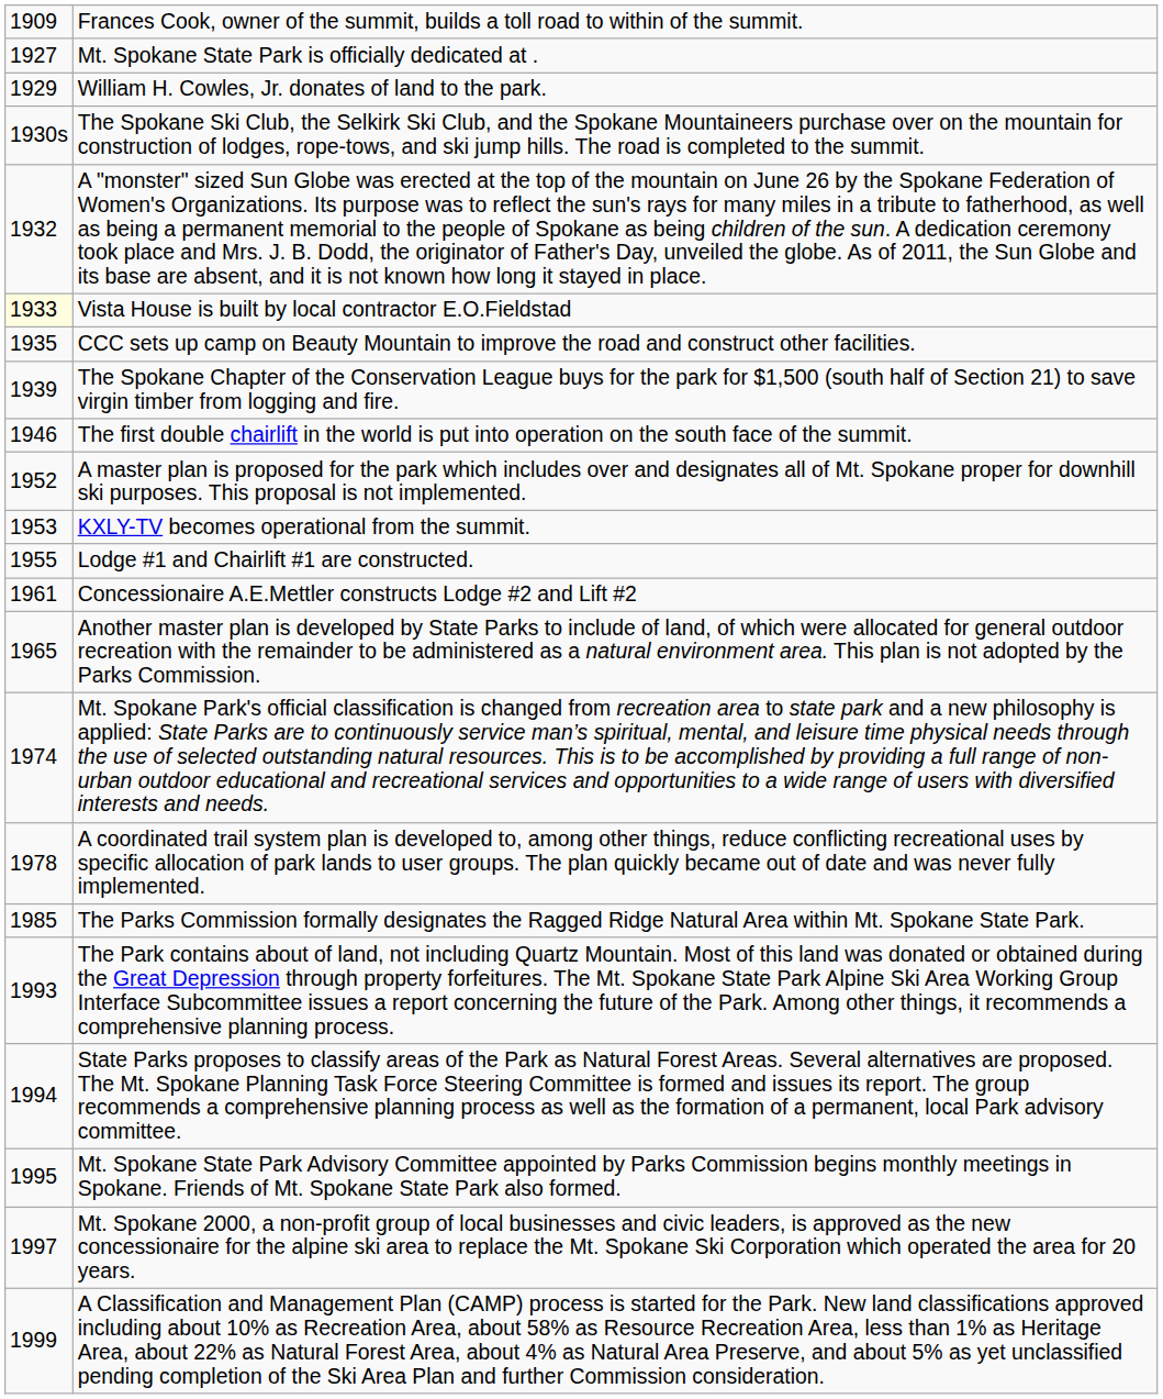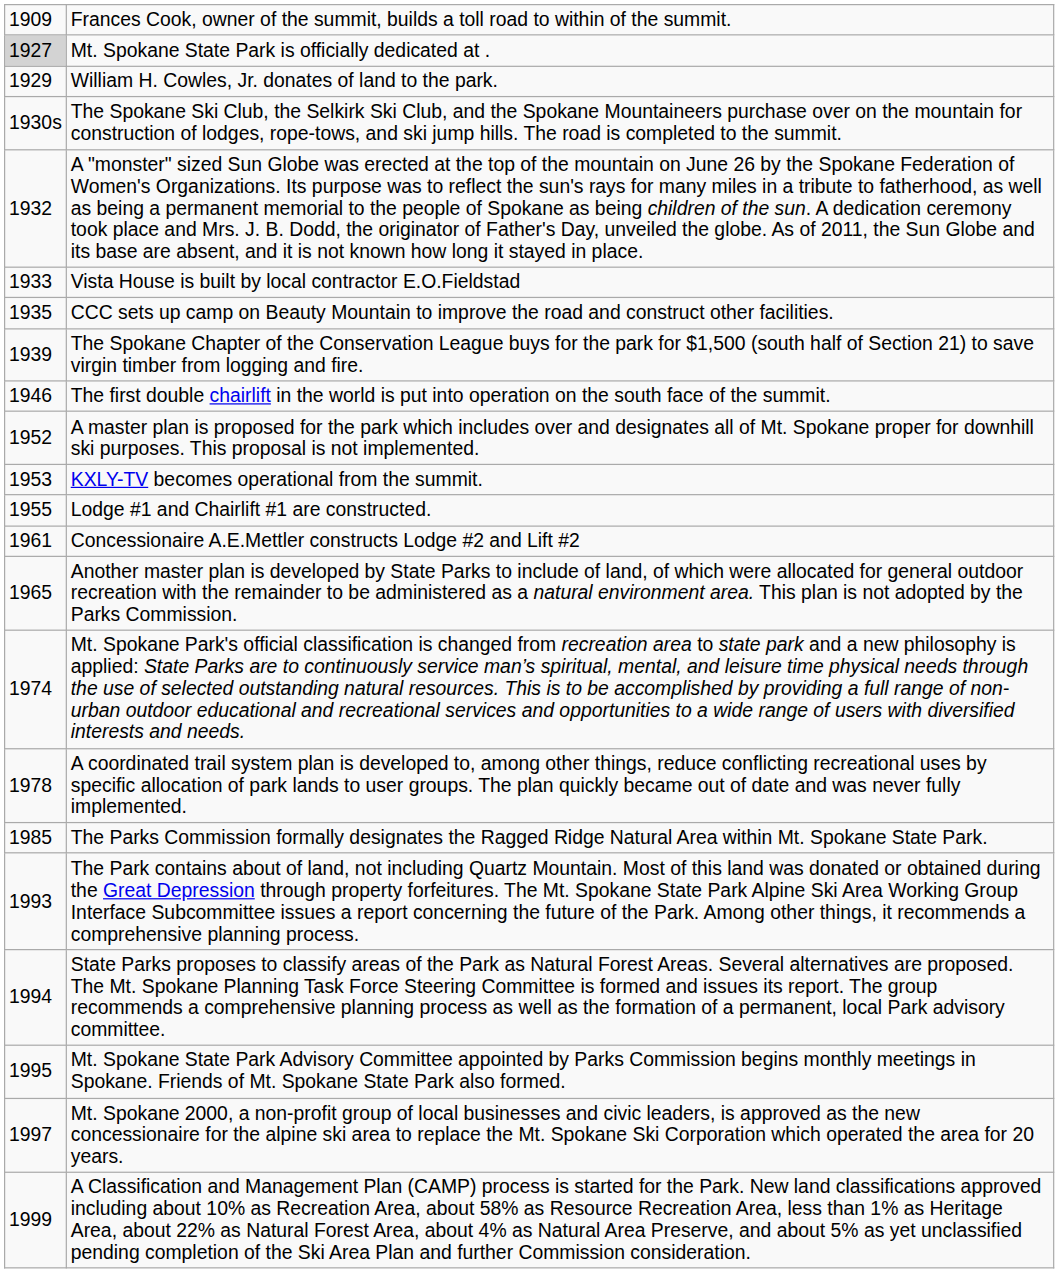 <table class="wikitable">
 <tr>
 <td>1909</td>
 <td>Frances Cook, owner of the summit, builds a toll road to within  of the summit.</td>
 </tr>
 <tr>
-<td>1927</td>
+<td style="background: lightgrey;">1927</td>
 <td>Mt. Spokane State Park is officially dedicated  at .</td>
 </tr>
 <tr>
 <td>1929</td>
 <td>William H. Cowles, Jr. donates  of land to the park.</td>
 </tr>
 <tr>
 <td>1930s</td>
 <td>The Spokane Ski Club, the Selkirk Ski Club, and the Spokane Mountaineers purchase over  on the mountain for construction of lodges, rope-tows, and ski jump hills. The road is completed to the summit.</td>
 </tr>
 <tr>
 <td>1932</td>
 <td>A "monster" sized Sun Globe was erected at the top of the mountain on June 26 by the Spokane Federation of Women's Organizations. Its purpose was to reflect the sun's rays for many miles in a tribute to fatherhood, as well as being a permanent memorial to the people of Spokane as being <em>children of the sun</em>. A dedication ceremony took place and Mrs. J. B. Dodd, the originator of Father's Day, unveiled the globe. As of 2011, the Sun Globe and its base are absent, and it is not known how long it stayed in place.</td>
 </tr>
 <tr>
-<td style="background: lightyellow;">1933</td>
+<td>1933</td>
 <td>Vista House is built by local contractor E.O.Fieldstad</td>
 </tr>
 <tr>
 <td>1935</td>
 <td>CCC sets up camp on Beauty Mountain to improve the road and construct other facilities.</td>
 </tr>
 <tr>
 <td>1939</td>
 <td>The Spokane Chapter of the Conservation League buys  for the park for $1,500 (south half of Section 21) to save virgin timber from logging and fire.</td>
 </tr>
 <tr>
 <td>1946</td>
 <td>The first double <a href='#'>chairlift</a> in the world is put into operation on the south face of the summit. </td>
 </tr>
 <tr>
 <td>1952</td>
 <td>A master plan is proposed for the park which includes over  and designates all of Mt. Spokane proper for downhill ski purposes.  This proposal is not implemented.</td>
 </tr>
 <tr>
 <td>1953</td>
 <td><a href='#'>KXLY-TV</a> becomes operational from the summit.</td>
 </tr>
 <tr>
 <td>1955</td>
 <td>Lodge #1 and Chairlift #1 are constructed.</td>
 </tr>
 <tr>
 <td>1961</td>
 <td>Concessionaire A.E.Mettler constructs Lodge #2 and Lift #2</td>
 </tr>
 <tr>
 <td>1965</td>
 <td>Another master plan is developed by State Parks to include  of land,  of which were allocated for general outdoor recreation with the remainder to be administered as a <em>natural environment area.</em> This plan is not adopted by the Parks Commission.</td>
 </tr>
 <tr>
 <td>1974</td>
 <td>Mt. Spokane Park's official classification is changed from <em>recreation area</em> to <em>state park</em> and a new philosophy is applied: <em>State Parks are to continuously service man’s spiritual, mental, and leisure time physical needs through the use of selected outstanding natural resources. This is to be accomplished by providing a full range of non-urban outdoor educational and recreational services and opportunities to a wide range of users with diversified interests and needs.</em></td>
 </tr>
 <tr>
 <td>1978</td>
 <td>A coordinated trail system plan is developed to, among other things, reduce conflicting recreational uses by specific allocation of park lands to user groups. The plan quickly became out of date and was never fully implemented.</td>
 </tr>
 <tr>
 <td>1985</td>
 <td>The Parks Commission formally designates the Ragged Ridge Natural Area within Mt. Spokane State Park.</td>
 </tr>
 <tr>
 <td>1993</td>
 <td>The Park contains about  of land, not including Quartz Mountain.  Most of this land was donated or obtained during the <a href='#'>Great Depression</a> through property forfeitures. The Mt. Spokane State Park Alpine Ski Area Working Group Interface Subcommittee issues a report concerning the future of the Park. Among other things, it recommends a comprehensive planning process.</td>
 </tr>
 <tr>
 <td>1994</td>
 <td>State Parks proposes to classify areas of the Park as Natural Forest Areas. Several alternatives are proposed. The Mt. Spokane Planning Task Force Steering Committee is formed and issues its report. The group recommends a comprehensive planning process as well as the formation of a permanent, local Park advisory committee.</td>
 </tr>
 <tr>
 <td>1995</td>
 <td>Mt. Spokane State Park Advisory Committee appointed by Parks Commission begins monthly meetings in Spokane. Friends of Mt. Spokane State Park also formed.</td>
 </tr>
 <tr>
 <td>1997</td>
 <td>Mt. Spokane 2000, a non-profit group of local businesses and civic leaders, is approved as the new concessionaire for the alpine ski area to replace the Mt. Spokane Ski Corporation which operated the area for 20 years.</td>
 </tr>
 <tr>
 <td>1999</td>
 <td>A Classification and Management Plan (CAMP) process is started for the Park. New land classifications approved including about 10% as Recreation Area, about 58% as Resource Recreation Area, less than 1% as Heritage Area, about 22% as Natural Forest Area, about 4% as Natural Area Preserve, and about 5% as yet unclassified pending completion of the Ski Area Plan and further Commission consideration.</td>
 </tr>
 </table>
